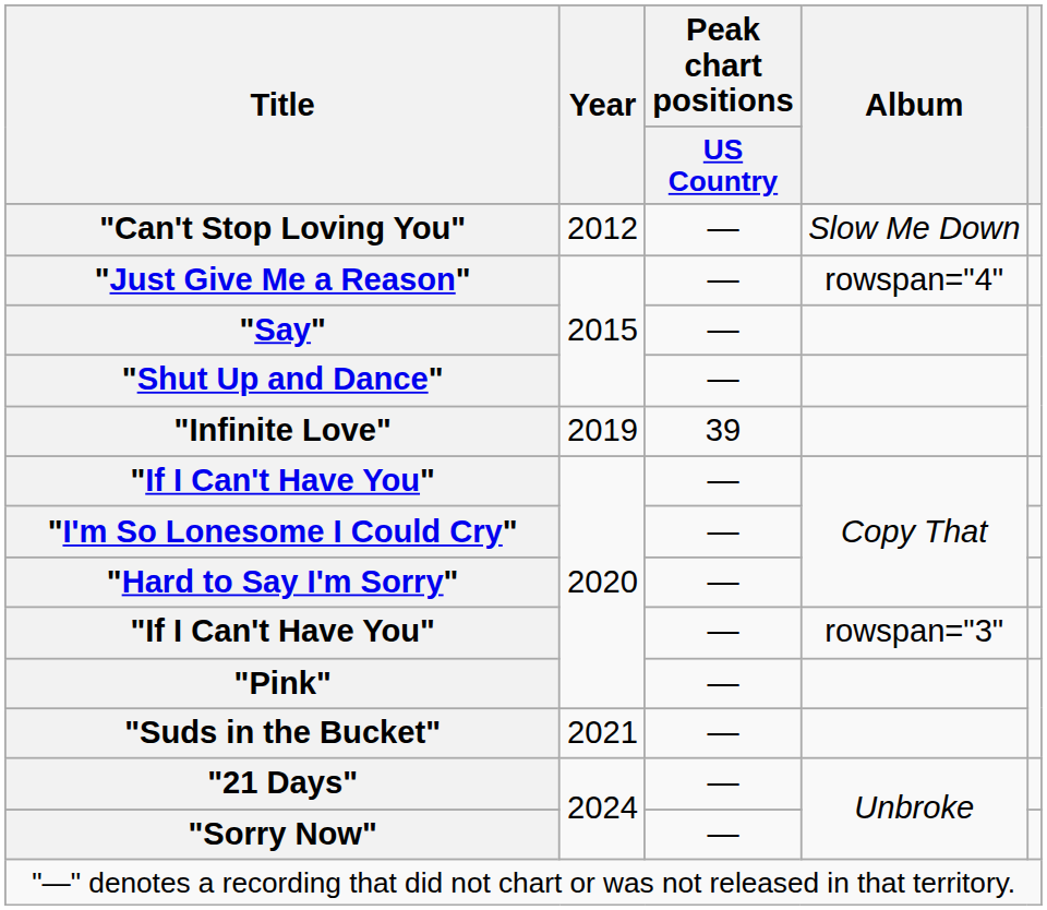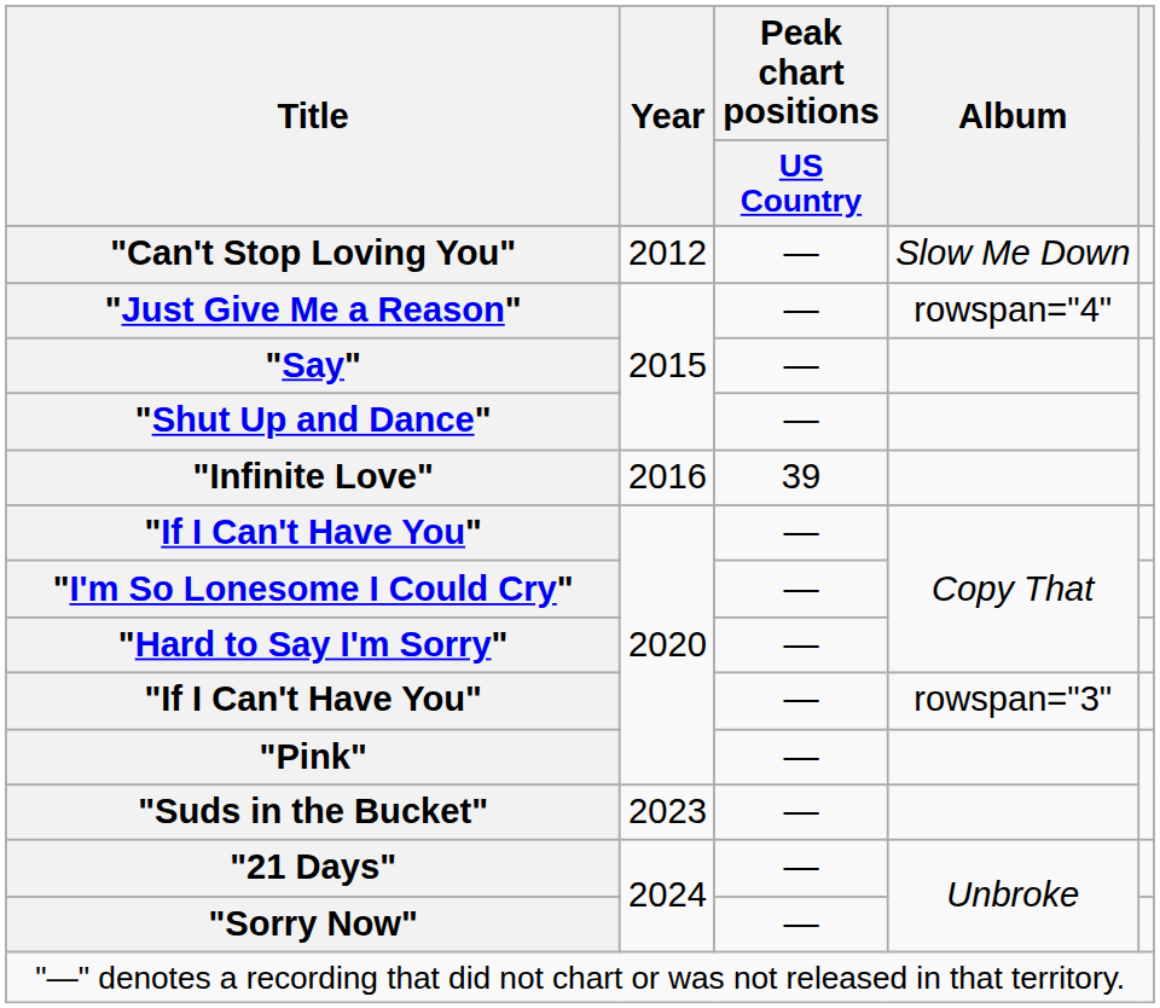 <table class="wikitable plainrowheaders" style="text-align:center;" border="1">
 <tr>
 <th scope="col" rowspan="2" style="width:17em;">Title</th>
 <th scope="col" rowspan="2">Year</th>
 <th scope="col" colspan="1">Peak<br>chart<br>positions</th>
 <th scope="col" rowspan="2">Album</th>
 <th scope="col" rowspan="2"></th>
 </tr>
 <tr>
 <th scope="col" style="width:3.3em;font-size:90%;"><a href='#'>US<br>Country</a><br></th>
 </tr>
 <tr>
 <th scope="row">"Can't Stop Loving You"<br></th>
 <td>2012</td>
 <td>—</td>
 <td><em>Slow Me Down</em></td>
 <td></td>
 </tr>
 <tr>
 <th scope="row">"<a href='#'>Just Give Me a Reason</a>" </th>
 <td rowspan="3">2015</td>
 <td>—</td>
 <td>rowspan="4" </td>
 <td></td>
 </tr>
 <tr>
 <th scope="row">"<a href='#'>Say</a>" </th>
 <td>—</td>
 <td></td>
 </tr>
 <tr>
 <th scope="row">"<a href='#'>Shut Up and Dance</a>" </th>
 <td>—</td>
 <td></td>
 </tr>
 <tr>
 <th scope="row">"Infinite Love"<br></th>
-<td>2019</td>
+<td>2016</td>
 <td>39</td>
 <td></td>
 </tr>
 <tr>
 <th scope="row">"<a href='#'>If I Can't Have You</a>"</th>
 <td rowspan="5">2020</td>
 <td>—</td>
 <td rowspan="3"><em>Copy That</em></td>
 <td></td>
 </tr>
 <tr>
 <th scope="row">"<a href='#'>I'm So Lonesome I Could Cry</a>"</th>
 <td>—</td>
 <td></td>
 </tr>
 <tr>
 <th scope="row">"<a href='#'>Hard to Say I'm Sorry</a>"</th>
 <td>—</td>
 <td></td>
 </tr>
 <tr>
 <th scope="row">"If I Can't Have You" </th>
 <td>—</td>
 <td>rowspan="3" </td>
 <td></td>
 </tr>
 <tr>
 <th scope="row">"Pink"<br></th>
 <td>—</td>
 <td></td>
 </tr>
 <tr>
 <th scope="row">"Suds in the Bucket" </th>
-<td>2021</td>
+<td>2023</td>
 <td>—</td>
 <td align="center"></td>
 </tr>
 <tr>
 <th scope="row">"21 Days"</th>
 <td rowspan="2">2024</td>
 <td>—</td>
 <td rowspan="2"><em>Unbroke</em></td>
 <td align="center"></td>
 </tr>
 <tr>
 <th scope="row">"Sorry Now"</th>
 <td>—</td>
 <td align="center"></td>
 </tr>
 <tr>
 <td colspan="5" style="font-size:90%">"—" denotes a recording that did not chart or was not released in that territory.</td>
 </tr>
 </table>
